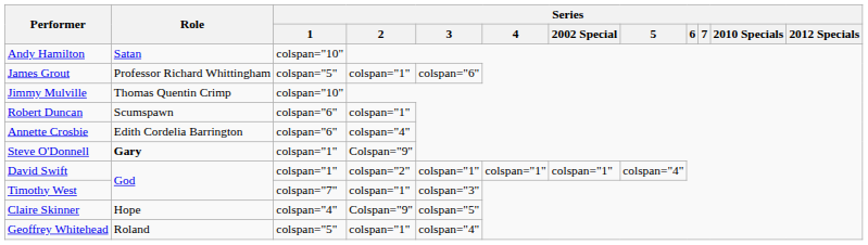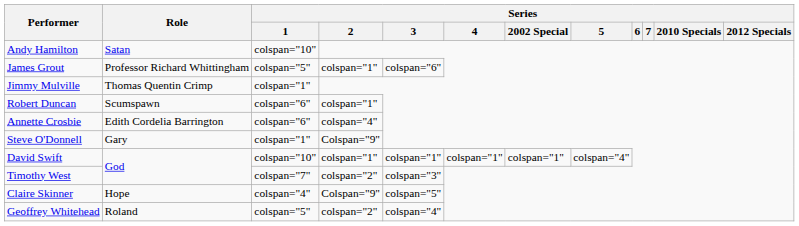 <table class="wikitable planrowheaders">
 <tr>
 <th rowspan="2">Performer</th>
 <th rowspan="2">Role</th>
 <th colspan="10”">Series</th>
 </tr>
 <tr>
 <th>1</th>
 <th>2</th>
 <th>3</th>
 <th>4</th>
 <th>2002 Special</th>
 <th>5</th>
 <th>6</th>
 <th>7</th>
 <th>2010 Specials</th>
 <th>2012 Specials</th>
 </tr>
 <tr>
 <td><a href='#'>Andy Hamilton</a></td>
 <td><a href='#'>Satan</a></td>
 <td>colspan="10" </td>
 </tr>
 <tr>
 <td><a href='#'>James Grout</a></td>
 <td>Professor Richard Whittingham</td>
 <td>colspan="5" </td>
 <td>colspan="1" </td>
 <td>colspan="6" </td>
 </tr>
 <tr>
 <td><a href='#'>Jimmy Mulville</a></td>
 <td>Thomas Quentin Crimp</td>
-<td>colspan="10" </td>
+<td>colspan="1" </td>
 </tr>
 <tr>
 <td><a href='#'>Robert Duncan</a></td>
 <td>Scumspawn</td>
 <td>colspan="6" </td>
 <td>colspan="1" </td>
 </tr>
 <tr>
 <td><a href='#'>Annette Crosbie</a></td>
 <td>Edith Cordelia Barrington</td>
 <td>colspan="6" </td>
 <td>colspan="4" </td>
 </tr>
 <tr>
 <td><a href='#'>Steve O'Donnell</a></td>
-<td><strong>Gary</strong></td>
+<td>Gary</td>
 <td>colspan="1" </td>
 <td>Colspan="9" </td>
 </tr>
 <tr>
 <td><a href='#'>David Swift</a></td>
 <td rowspan="2"><a href='#'>God</a></td>
+<td>colspan="10" </td>
 <td>colspan="1" </td>
-<td>colspan="2" </td>
 <td>colspan="1" </td>
 <td>colspan="1" </td>
 <td>colspan="1" </td>
 <td>colspan="4" </td>
 </tr>
 <tr>
 <td><a href='#'>Timothy West</a></td>
 <td>colspan="7" </td>
-<td>colspan="1" </td>
+<td>colspan="2" </td>
 <td>colspan="3" </td>
 </tr>
 <tr>
 <td><a href='#'>Claire Skinner</a></td>
 <td>Hope</td>
 <td>colspan="4" </td>
 <td>Colspan="9" </td>
 <td>colspan="5" </td>
 </tr>
 <tr>
 <td><a href='#'>Geoffrey Whitehead</a></td>
 <td>Roland</td>
 <td>colspan="5" </td>
-<td>colspan="1" </td>
+<td>colspan="2" </td>
 <td>colspan="4" </td>
 </tr>
 </table>
